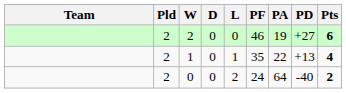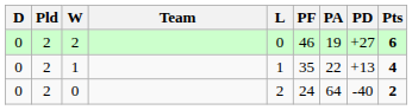 <table class="wikitable" style="text-align:center;">
 <tr>
-<th width=175>Team</th>
+<th width=20 abbr="Drawn">D</th>
 <th width=20 abbr="Played">Pld</th>
 <th width=20 abbr="Won">W</th>
-<th width=20 abbr="Drawn">D</th>
+<th width=175>Team</th>
 <th width=20 abbr="Lost">L</th>
 <th width=20 abbr="Points for">PF</th>
 <th width=20 abbr="Points against">PA</th>
 <th width=25 abbr="Points difference">PD</th>
 <th width=20 abbr="Points">Pts</th>
 </tr>
 <tr style="background:#ccffcc">
-<td align=left></td>
+<td>0</td>
 <td>2</td>
 <td>2</td>
-<td>0</td>
+<td align=left></td>
 <td>0</td>
 <td>46</td>
 <td>19</td>
 <td>+27</td>
 <td><strong>6</strong></td>
 </tr>
 <tr>
-<td align=left></td>
+<td>0</td>
 <td>2</td>
 <td>1</td>
-<td>0</td>
+<td align=left></td>
 <td>1</td>
 <td>35</td>
 <td>22</td>
 <td>+13</td>
 <td><strong>4</strong></td>
 </tr>
 <tr>
-<td align=left></td>
+<td>0</td>
 <td>2</td>
 <td>0</td>
-<td>0</td>
+<td align=left></td>
 <td>2</td>
 <td>24</td>
 <td>64</td>
 <td>-40</td>
 <td><strong>2</strong></td>
 </tr>
 </table>
